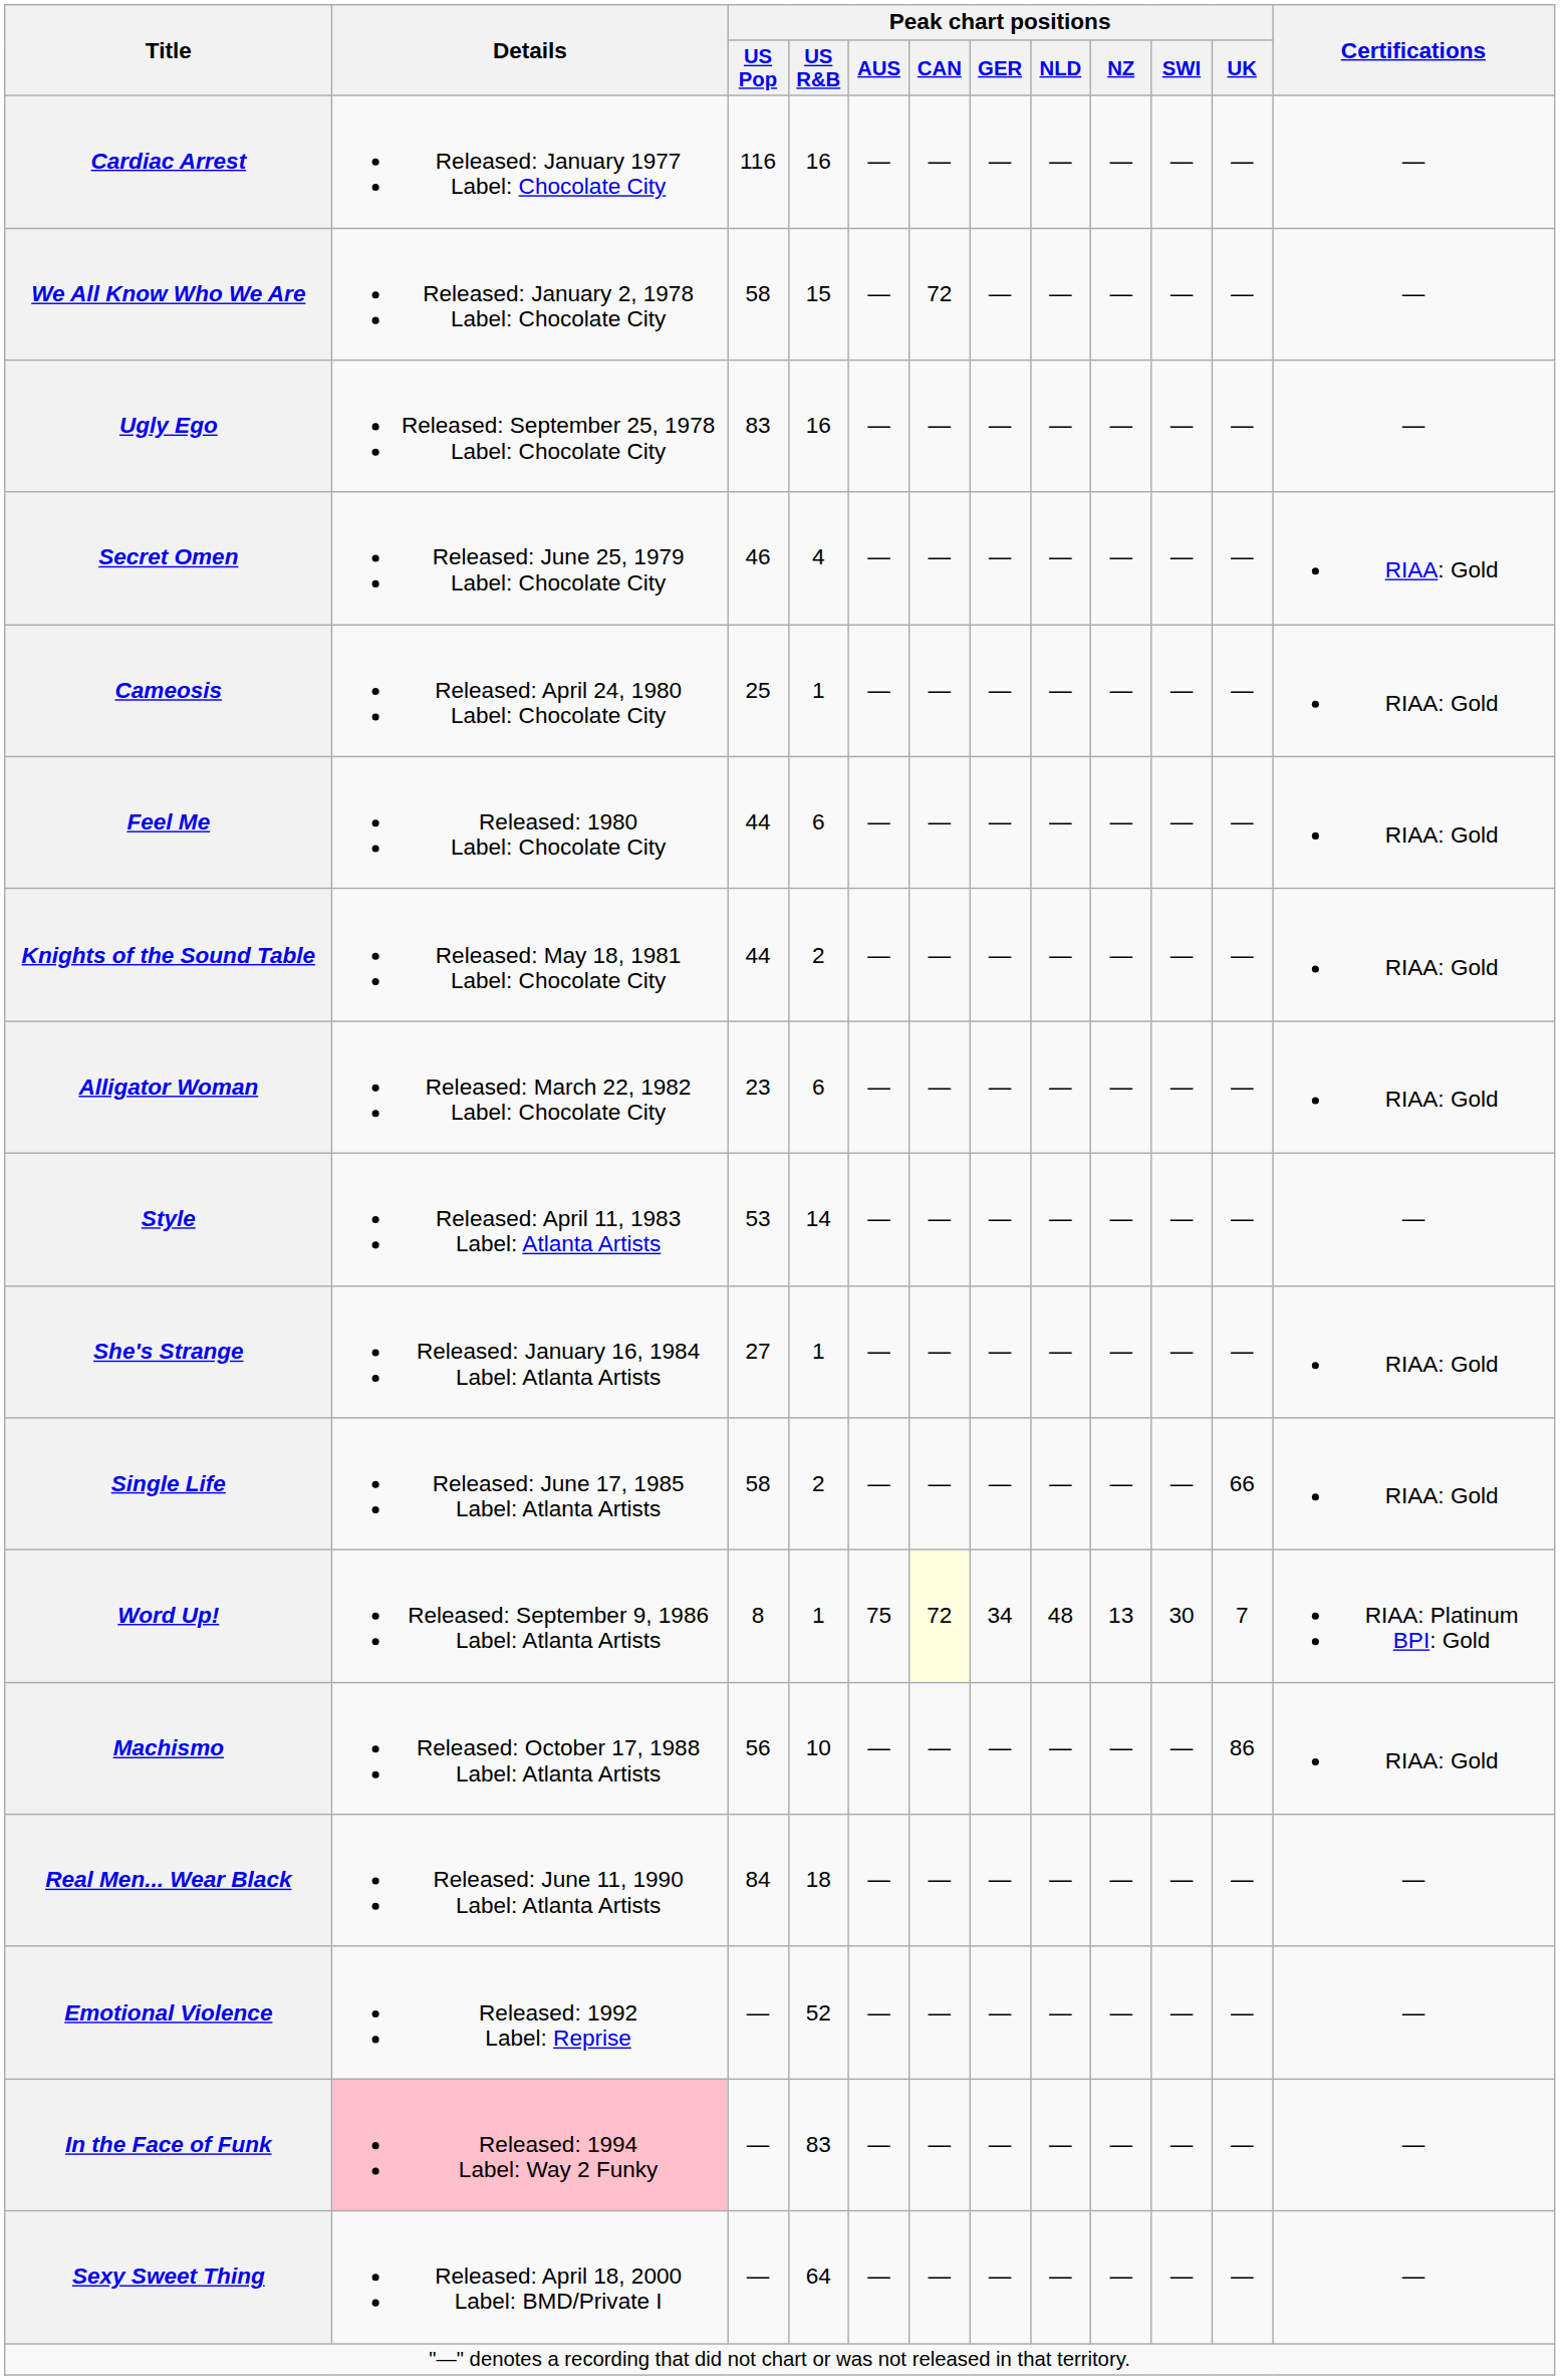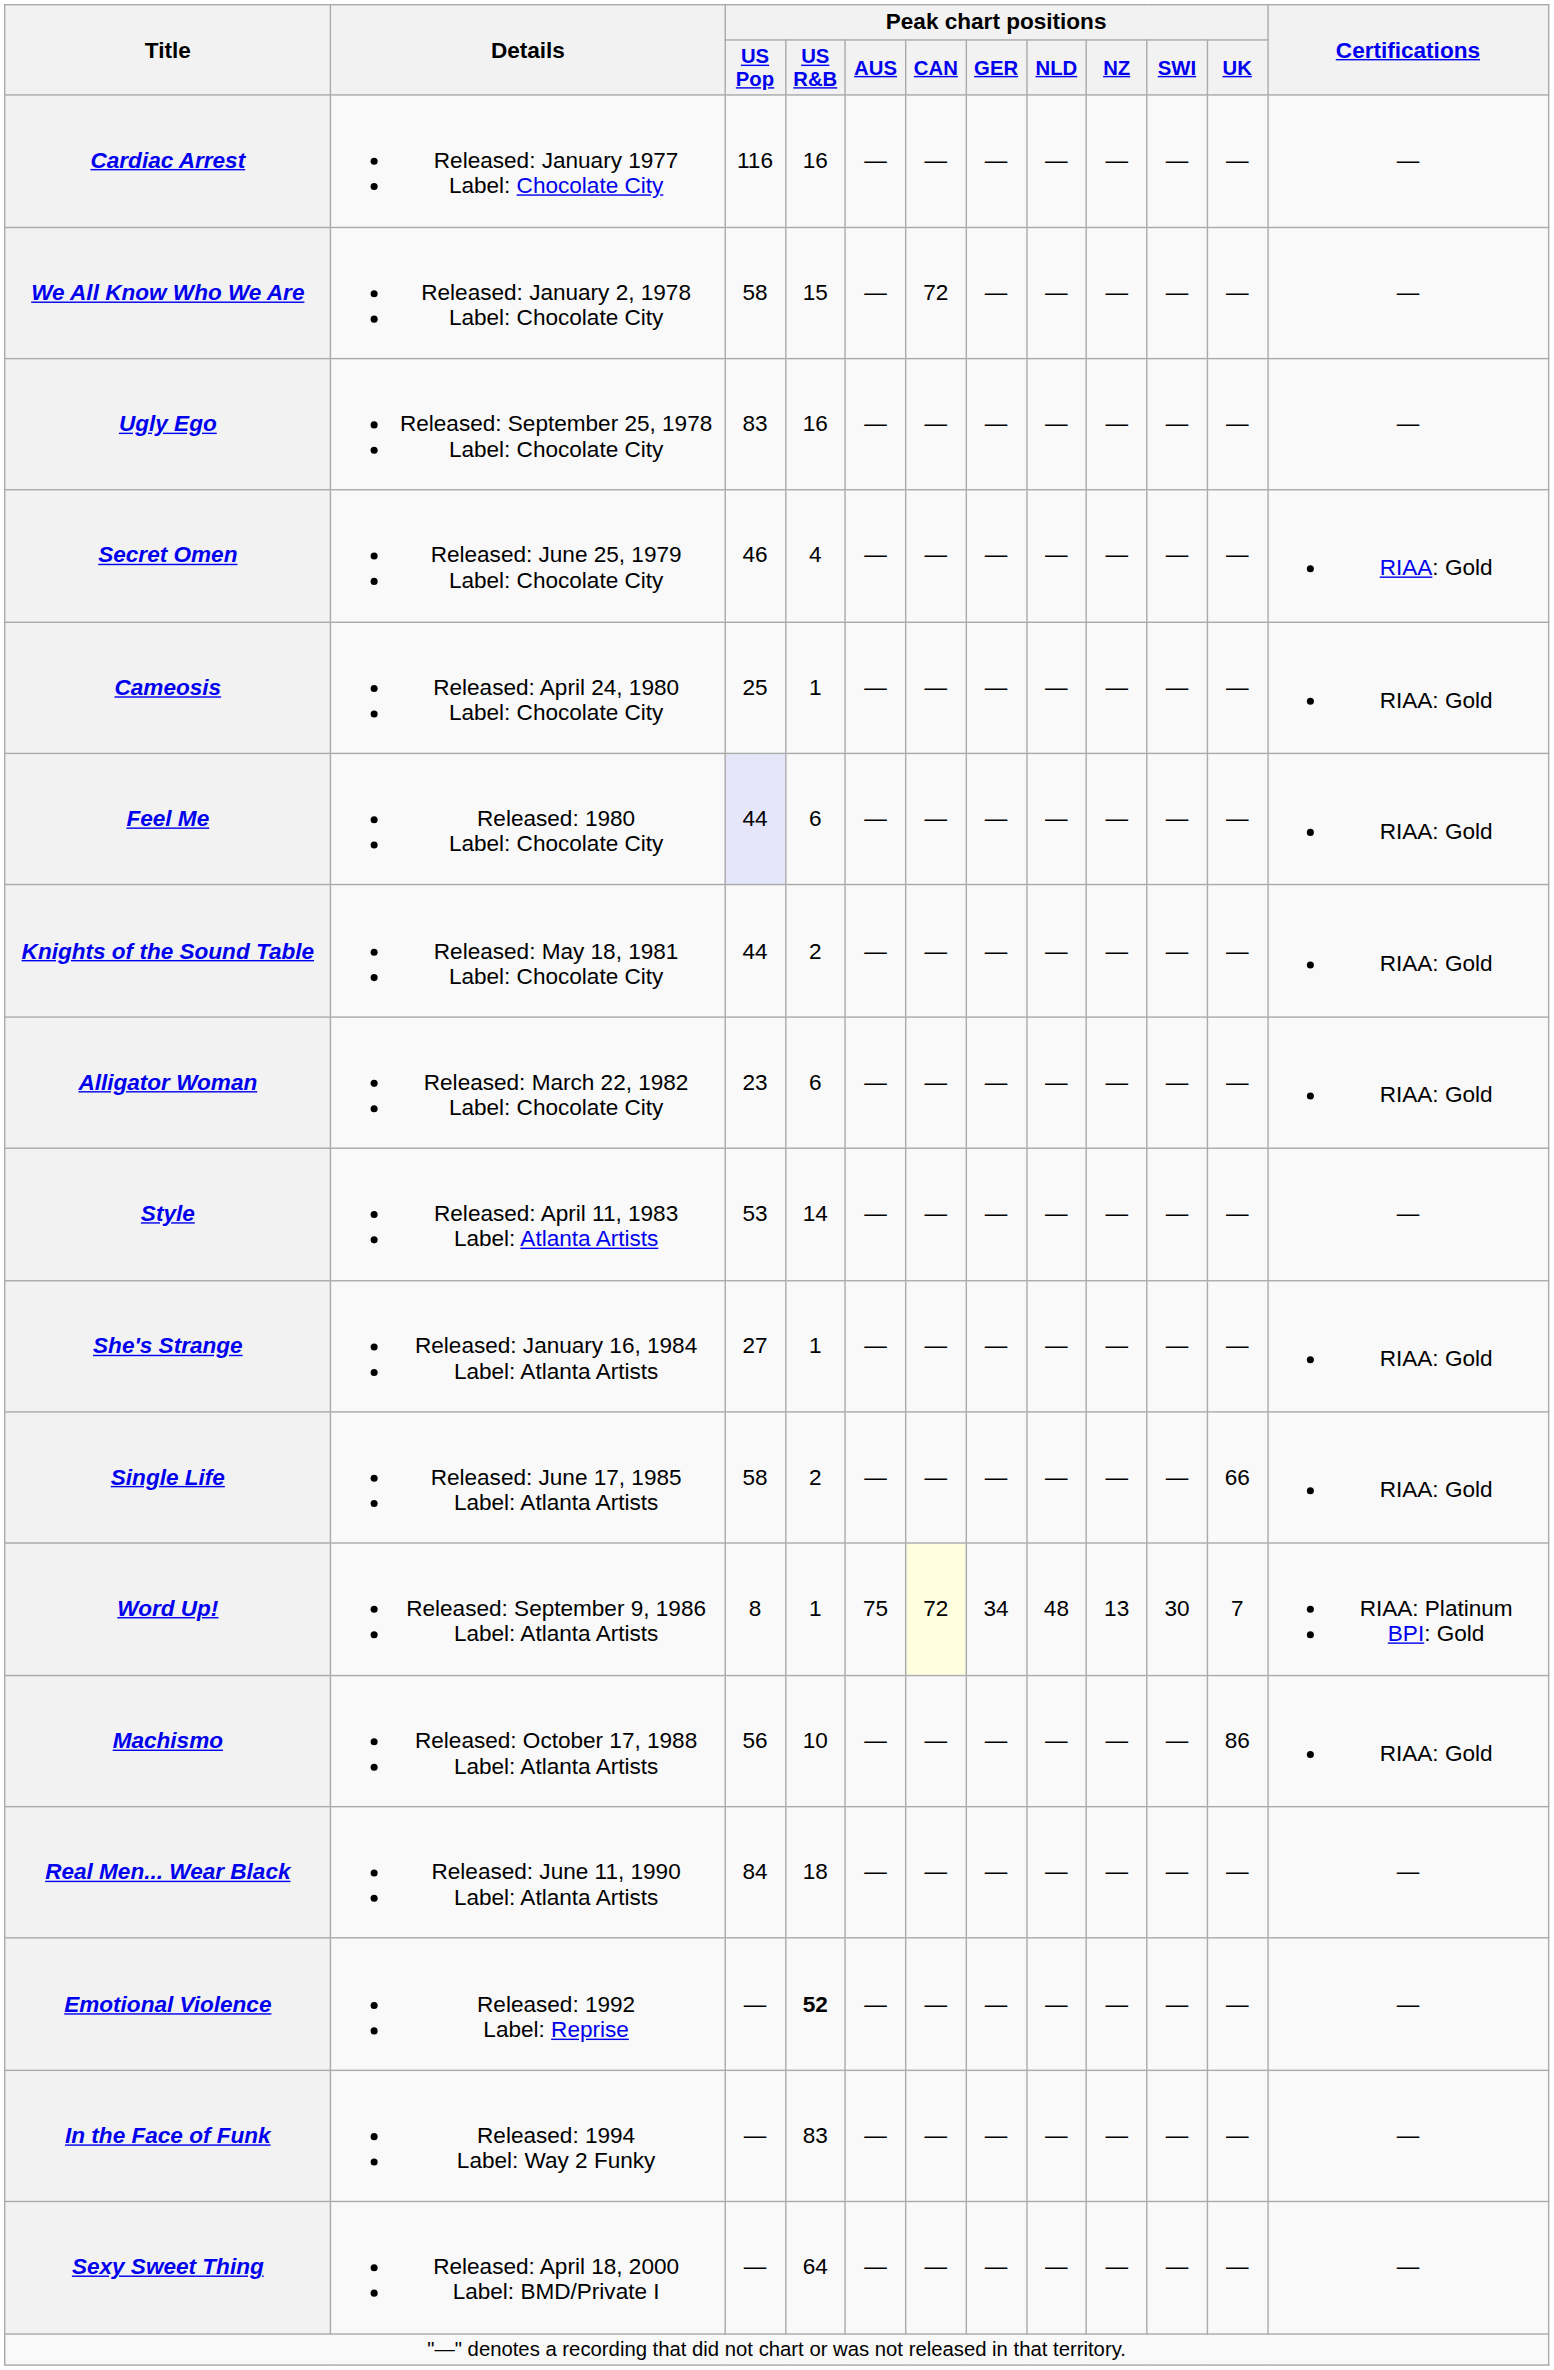 <table class="wikitable plainrowheaders" style="text-align:center;">
 <tr>
 <th scope="col" rowspan="2" style="width:14em;">Title</th>
 <th scope="col" rowspan="2" style="width:17em;">Details</th>
 <th scope="col" colspan="9">Peak chart positions</th>
 <th scope="col" rowspan="2" style="width:12em;"><a href='#'>Certifications</a></th>
 </tr>
 <tr>
 <th scope="col" style="width:2.5em;font-size:90%;"><a href='#'>US Pop</a><br></th>
 <th scope="col" style="width:2.5em;font-size:90%;"><a href='#'>US<br>R&B</a><br></th>
 <th scope="col" style="width:2.5em;font-size:90%;"><a href='#'>AUS</a><br></th>
 <th scope="col" style="width:2.5em;font-size:90%;"><a href='#'>CAN</a><br></th>
 <th scope="col" style="width:2.5em;font-size:90%;"><a href='#'>GER</a><br></th>
 <th scope="col" style="width:2.5em;font-size:90%;"><a href='#'>NLD</a><br></th>
 <th scope="col" style="width:2.5em;font-size:90%;"><a href='#'>NZ</a><br></th>
 <th scope="col" style="width:2.5em;font-size:90%;"><a href='#'>SWI</a><br></th>
 <th scope="col" style="width:2.5em;font-size:90%;"><a href='#'>UK</a><br></th>
 </tr>
 <tr>
 <th scope="row"><em><a href='#'>Cardiac Arrest</a></em></th>
 <td><br><ul><li>Released: January 1977</li><li>Label: <a href='#'>Chocolate City</a></li></ul></td>
 <td>116</td>
 <td>16</td>
 <td>—</td>
 <td>—</td>
 <td>—</td>
 <td>—</td>
 <td>—</td>
 <td>—</td>
 <td>—</td>
 <td>—</td>
 </tr>
 <tr>
 <th scope="row"><em><a href='#'>We All Know Who We Are</a></em></th>
 <td><br><ul><li>Released: January 2, 1978</li><li>Label: Chocolate City</li></ul></td>
 <td>58</td>
 <td>15</td>
 <td>—</td>
 <td>72</td>
 <td>—</td>
 <td>—</td>
 <td>—</td>
 <td>—</td>
 <td>—</td>
 <td>—</td>
 </tr>
 <tr>
 <th scope="row"><em><a href='#'>Ugly Ego</a></em></th>
 <td><br><ul><li>Released: September 25, 1978</li><li>Label: Chocolate City</li></ul></td>
 <td>83</td>
 <td>16</td>
 <td>—</td>
 <td>—</td>
 <td>—</td>
 <td>—</td>
 <td>—</td>
 <td>—</td>
 <td>—</td>
 <td>—</td>
 </tr>
 <tr>
 <th scope="row"><em><a href='#'>Secret Omen</a></em></th>
 <td><br><ul><li>Released: June 25, 1979</li><li>Label: Chocolate City</li></ul></td>
 <td>46</td>
 <td>4</td>
 <td>—</td>
 <td>—</td>
 <td>—</td>
 <td>—</td>
 <td>—</td>
 <td>—</td>
 <td>—</td>
 <td><br><ul><li><a href='#'>RIAA</a>: Gold</li></ul></td>
 </tr>
 <tr>
 <th scope="row"><em><a href='#'>Cameosis</a></em></th>
 <td><br><ul><li>Released: April 24, 1980</li><li>Label: Chocolate City</li></ul></td>
 <td>25</td>
 <td>1</td>
 <td>—</td>
 <td>—</td>
 <td>—</td>
 <td>—</td>
 <td>—</td>
 <td>—</td>
 <td>—</td>
 <td><br><ul><li>RIAA: Gold</li></ul></td>
 </tr>
 <tr>
 <th scope="row"><em><a href='#'>Feel Me</a></em></th>
 <td><br><ul><li>Released: 1980</li><li>Label: Chocolate City</li></ul></td>
-<td>44</td>
+<td style="background: lavender;">44</td>
 <td>6</td>
 <td>—</td>
 <td>—</td>
 <td>—</td>
 <td>—</td>
 <td>—</td>
 <td>—</td>
 <td>—</td>
 <td><br><ul><li>RIAA: Gold</li></ul></td>
 </tr>
 <tr>
 <th scope="row"><em><a href='#'>Knights of the Sound Table</a></em></th>
 <td><br><ul><li>Released: May 18, 1981</li><li>Label: Chocolate City</li></ul></td>
 <td>44</td>
 <td>2</td>
 <td>—</td>
 <td>—</td>
 <td>—</td>
 <td>—</td>
 <td>—</td>
 <td>—</td>
 <td>—</td>
 <td><br><ul><li>RIAA: Gold</li></ul></td>
 </tr>
 <tr>
 <th scope="row"><em><a href='#'>Alligator Woman</a></em></th>
 <td><br><ul><li>Released: March 22, 1982</li><li>Label: Chocolate City</li></ul></td>
 <td>23</td>
 <td>6</td>
 <td>—</td>
 <td>—</td>
 <td>—</td>
 <td>—</td>
 <td>—</td>
 <td>—</td>
 <td>—</td>
 <td><br><ul><li>RIAA: Gold</li></ul></td>
 </tr>
 <tr>
 <th scope="row"><em><a href='#'>Style</a></em></th>
 <td><br><ul><li>Released: April 11, 1983</li><li>Label: <a href='#'>Atlanta Artists</a></li></ul></td>
 <td>53</td>
 <td>14</td>
 <td>—</td>
 <td>—</td>
 <td>—</td>
 <td>—</td>
 <td>—</td>
 <td>—</td>
 <td>—</td>
 <td>—</td>
 </tr>
 <tr>
 <th scope="row"><em><a href='#'>She's Strange</a></em></th>
 <td><br><ul><li>Released: January 16, 1984</li><li>Label: Atlanta Artists</li></ul></td>
 <td>27</td>
 <td>1</td>
 <td>—</td>
 <td>—</td>
 <td>—</td>
 <td>—</td>
 <td>—</td>
 <td>—</td>
 <td>—</td>
 <td><br><ul><li>RIAA: Gold</li></ul></td>
 </tr>
 <tr>
 <th scope="row"><em><a href='#'>Single Life</a></em></th>
 <td><br><ul><li>Released: June 17, 1985</li><li>Label: Atlanta Artists</li></ul></td>
 <td>58</td>
 <td>2</td>
 <td>—</td>
 <td>—</td>
 <td>—</td>
 <td>—</td>
 <td>—</td>
 <td>—</td>
 <td>66</td>
 <td><br><ul><li>RIAA: Gold</li></ul></td>
 </tr>
 <tr>
 <th scope="row"><em><a href='#'>Word Up!</a></em></th>
 <td><br><ul><li>Released: September 9, 1986</li><li>Label: Atlanta Artists</li></ul></td>
 <td>8</td>
 <td>1</td>
 <td>75</td>
 <td style="background: lightyellow;">72</td>
 <td>34</td>
 <td>48</td>
 <td>13</td>
 <td>30</td>
 <td>7</td>
 <td><br><ul><li>RIAA: Platinum</li><li><a href='#'>BPI</a>: Gold</li></ul></td>
 </tr>
 <tr>
 <th scope="row"><em><a href='#'>Machismo</a></em></th>
 <td><br><ul><li>Released: October 17, 1988</li><li>Label: Atlanta Artists</li></ul></td>
 <td>56</td>
 <td>10</td>
 <td>—</td>
 <td>—</td>
 <td>—</td>
 <td>—</td>
 <td>—</td>
 <td>—</td>
 <td>86</td>
 <td><br><ul><li>RIAA: Gold</li></ul></td>
 </tr>
 <tr>
 <th scope="row"><em><a href='#'>Real Men... Wear Black</a></em></th>
 <td><br><ul><li>Released: June 11, 1990</li><li>Label: Atlanta Artists</li></ul></td>
 <td>84</td>
 <td>18</td>
 <td>—</td>
 <td>—</td>
 <td>—</td>
 <td>—</td>
 <td>—</td>
 <td>—</td>
 <td>—</td>
 <td>—</td>
 </tr>
 <tr>
 <th scope="row"><em><a href='#'>Emotional Violence</a></em></th>
 <td><br><ul><li>Released: 1992</li><li>Label: <a href='#'>Reprise</a></li></ul></td>
 <td>—</td>
-<td>52</td>
+<td><strong>52</strong></td>
 <td>—</td>
 <td>—</td>
 <td>—</td>
 <td>—</td>
 <td>—</td>
 <td>—</td>
 <td>—</td>
 <td>—</td>
 </tr>
 <tr>
 <th scope="row"><em><a href='#'>In the Face of Funk</a></em></th>
-<td style="background: pink;"><br><ul><li>Released: 1994</li><li>Label: Way 2 Funky</li></ul></td>
+<td><br><ul><li>Released: 1994</li><li>Label: Way 2 Funky</li></ul></td>
 <td>—</td>
 <td>83</td>
 <td>—</td>
 <td>—</td>
 <td>—</td>
 <td>—</td>
 <td>—</td>
 <td>—</td>
 <td>—</td>
 <td>—</td>
 </tr>
 <tr>
 <th scope="row"><em><a href='#'>Sexy Sweet Thing</a></em></th>
 <td><br><ul><li>Released: April 18, 2000</li><li>Label: BMD/Private I</li></ul></td>
 <td>—</td>
 <td>64</td>
 <td>—</td>
 <td>—</td>
 <td>—</td>
 <td>—</td>
 <td>—</td>
 <td>—</td>
 <td>—</td>
 <td>—</td>
 </tr>
 <tr>
 <td colspan="13" style="font-size:90%;">"—" denotes a recording that did not chart or was not released in that territory.</td>
 </tr>
 </table>
